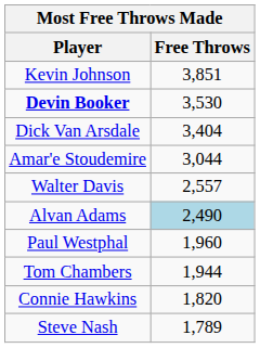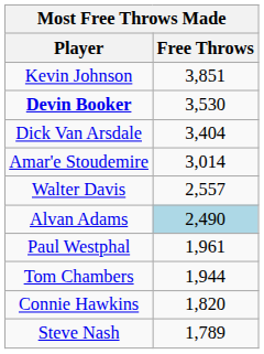 <table class="wikitable sortable" style="text-align:center">
 <tr>
 <th colspan="5">Most Free Throws Made</th>
 </tr>
 <tr>
 <th>Player</th>
 <th>Free Throws</th>
 </tr>
 <tr>
 <td><a href='#'>Kevin Johnson</a></td>
 <td>3,851</td>
 </tr>
 <tr>
 <td><strong><a href='#'>Devin Booker</a></strong></td>
 <td>3,530</td>
 </tr>
 <tr>
 <td><a href='#'>Dick Van Arsdale</a></td>
 <td>3,404</td>
 </tr>
 <tr>
 <td><a href='#'>Amar'e Stoudemire</a></td>
-<td>3,044</td>
+<td>3,014</td>
 </tr>
 <tr>
 <td><a href='#'>Walter Davis</a></td>
 <td>2,557</td>
 </tr>
 <tr>
 <td><a href='#'>Alvan Adams</a></td>
 <td style="background: lightblue;">2,490</td>
 </tr>
 <tr>
 <td><a href='#'>Paul Westphal</a></td>
-<td>1,960</td>
+<td>1,961</td>
 </tr>
 <tr>
 <td><a href='#'>Tom Chambers</a></td>
 <td>1,944</td>
 </tr>
 <tr>
 <td><a href='#'>Connie Hawkins</a></td>
 <td>1,820</td>
 </tr>
 <tr>
 <td><a href='#'>Steve Nash</a></td>
 <td>1,789</td>
 </tr>
 </table>
